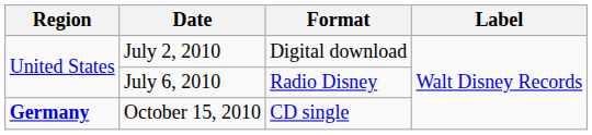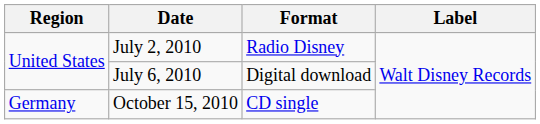 <table class="wikitable">
 <tr>
 <th>Region</th>
 <th>Date</th>
 <th>Format</th>
 <th>Label</th>
 </tr>
 <tr>
 <td rowspan="2"><a href='#'>United States</a></td>
 <td>July 2, 2010</td>
-<td>Digital download</td>
+<td><a href='#'>Radio Disney</a></td>
 <td rowspan="3"><a href='#'>Walt Disney Records</a></td>
 </tr>
 <tr>
 <td>July 6, 2010</td>
-<td><a href='#'>Radio Disney</a></td>
+<td>Digital download</td>
 </tr>
 <tr>
-<td><strong><a href='#'>Germany</a></strong></td>
+<td><a href='#'>Germany</a></td>
 <td>October 15, 2010</td>
 <td><a href='#'>CD single</a></td>
 </tr>
 </table>
